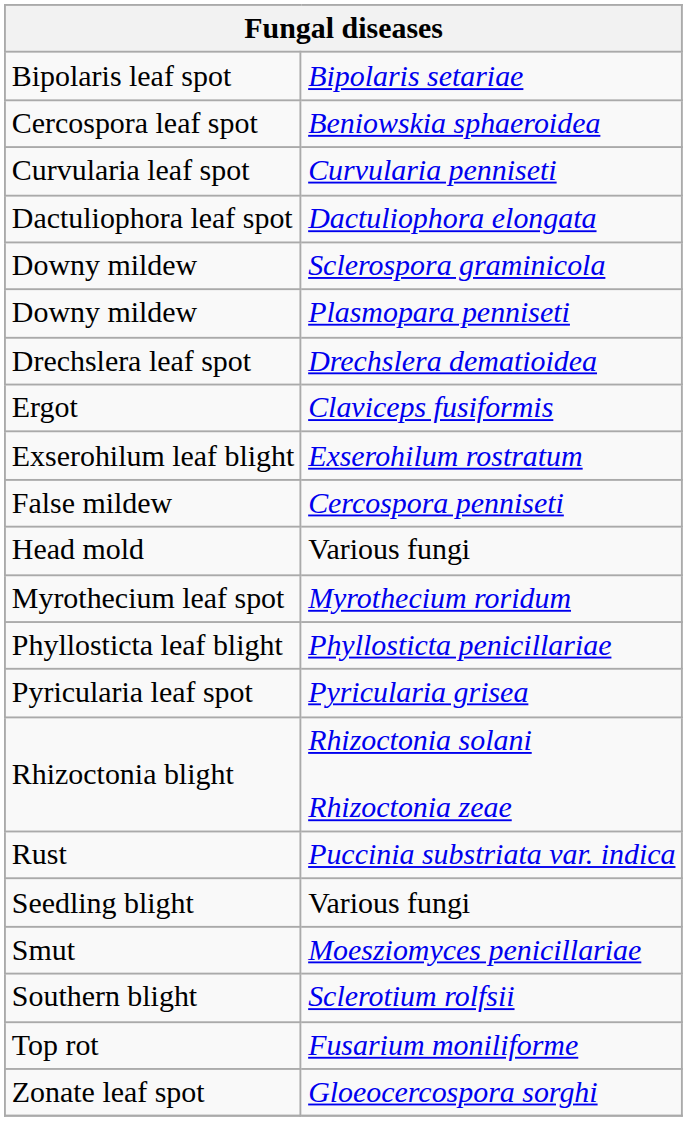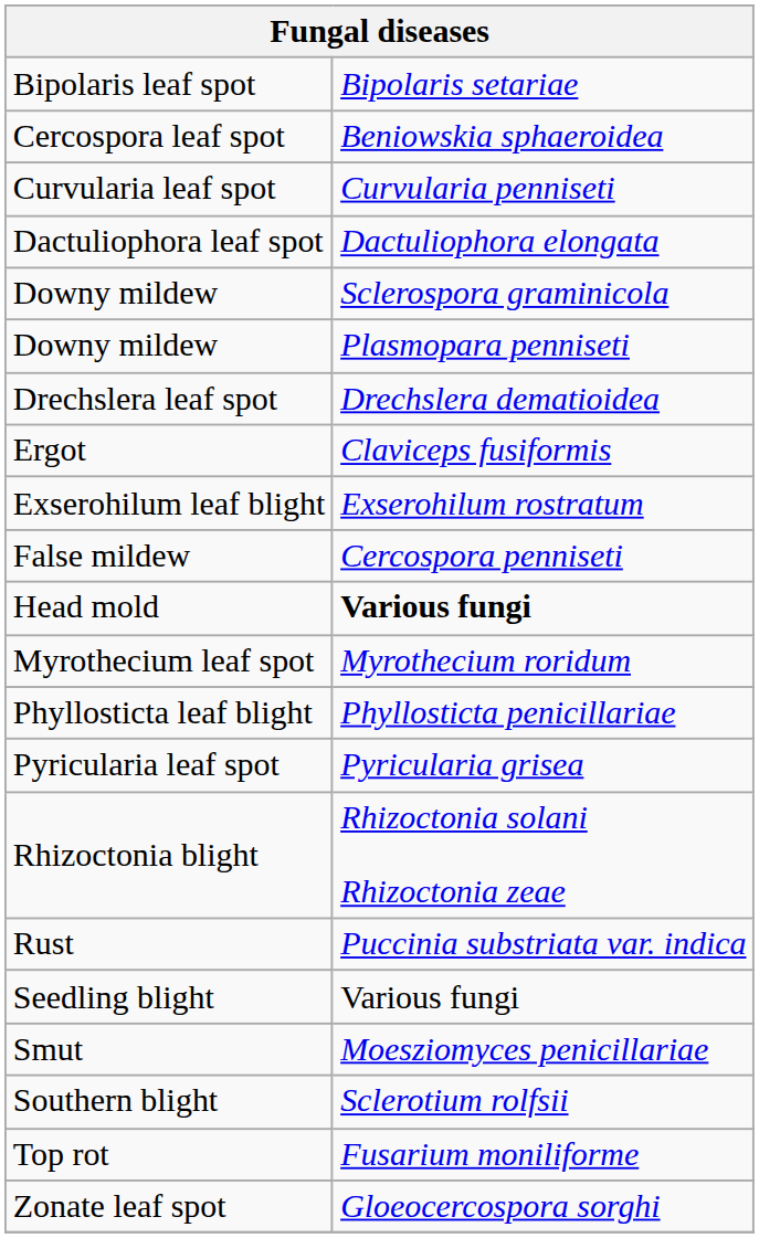 <table class="wikitable" style="clear">
 <tr>
 <th colspan=2><strong>Fungal diseases</strong><br></th>
 </tr>
 <tr>
 <td>Bipolaris leaf spot</td>
 <td><em><a href='#'>Bipolaris setariae</a></em></td>
 </tr>
 <tr>
 <td>Cercospora leaf spot</td>
 <td><em><a href='#'>Beniowskia sphaeroidea</a></em></td>
 </tr>
 <tr>
 <td>Curvularia leaf spot</td>
 <td><em><a href='#'>Curvularia penniseti</a></em></td>
 </tr>
 <tr>
 <td>Dactuliophora leaf spot</td>
 <td><em><a href='#'>Dactuliophora elongata</a></em></td>
 </tr>
 <tr>
 <td>Downy mildew</td>
 <td><em><a href='#'>Sclerospora graminicola</a></em></td>
 </tr>
 <tr>
 <td>Downy mildew</td>
 <td><em><a href='#'>Plasmopara penniseti</a></em></td>
 </tr>
 <tr>
 <td>Drechslera leaf spot</td>
 <td><em><a href='#'>Drechslera dematioidea</a></em></td>
 </tr>
 <tr>
 <td>Ergot</td>
 <td><em><a href='#'>Claviceps fusiformis</a></em></td>
 </tr>
 <tr>
 <td>Exserohilum leaf blight</td>
 <td><em><a href='#'>Exserohilum rostratum</a></em></td>
 </tr>
 <tr>
 <td>False mildew</td>
 <td><em><a href='#'>Cercospora penniseti</a></em></td>
 </tr>
 <tr>
 <td>Head mold</td>
-<td>Various fungi</td>
+<td><strong>Various fungi</strong></td>
 </tr>
 <tr>
 <td>Myrothecium leaf spot</td>
 <td><em><a href='#'>Myrothecium roridum</a></em></td>
 </tr>
 <tr>
 <td>Phyllosticta leaf blight</td>
 <td><em><a href='#'>Phyllosticta penicillariae</a></em></td>
 </tr>
 <tr>
 <td>Pyricularia leaf spot</td>
 <td><em><a href='#'>Pyricularia grisea</a></em></td>
 </tr>
 <tr>
 <td>Rhizoctonia blight</td>
 <td><em><a href='#'>Rhizoctonia solani</a></em><br><br><em><a href='#'>Rhizoctonia zeae</a></em></td>
 </tr>
 <tr>
 <td>Rust</td>
 <td><em><a href='#'>Puccinia substriata var. indica</a></em></td>
 </tr>
 <tr>
 <td>Seedling blight</td>
 <td>Various fungi</td>
 </tr>
 <tr>
 <td>Smut</td>
 <td><em><a href='#'>Moesziomyces penicillariae</a></em></td>
 </tr>
 <tr>
 <td>Southern blight</td>
 <td><em><a href='#'>Sclerotium rolfsii</a></em></td>
 </tr>
 <tr>
 <td>Top rot</td>
 <td><em><a href='#'>Fusarium moniliforme</a></em></td>
 </tr>
 <tr>
 <td>Zonate leaf spot</td>
 <td><em><a href='#'>Gloeocercospora sorghi</a></em></td>
 </tr>
 <tr>
 </tr>
 </table>
